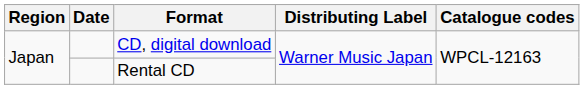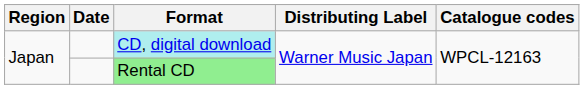 <table class="wikitable">
 <tr>
 <th>Region</th>
 <th>Date</th>
 <th>Format</th>
 <th>Distributing Label</th>
 <th>Catalogue codes</th>
 </tr>
 <tr>
 <td rowspan=2>Japan</td>
 <td></td>
-<td><a href='#'>CD</a>, <a href='#'>digital download</a></td>
+<td style="background: paleturquoise;"><a href='#'>CD</a>, <a href='#'>digital download</a></td>
 <td rowspan=2><a href='#'>Warner Music Japan</a></td>
 <td rowspan=2>WPCL-12163</td>
 </tr>
 <tr>
 <td></td>
-<td>Rental CD</td>
+<td style="background: lightgreen;">Rental CD</td>
 </tr>
 </table>
